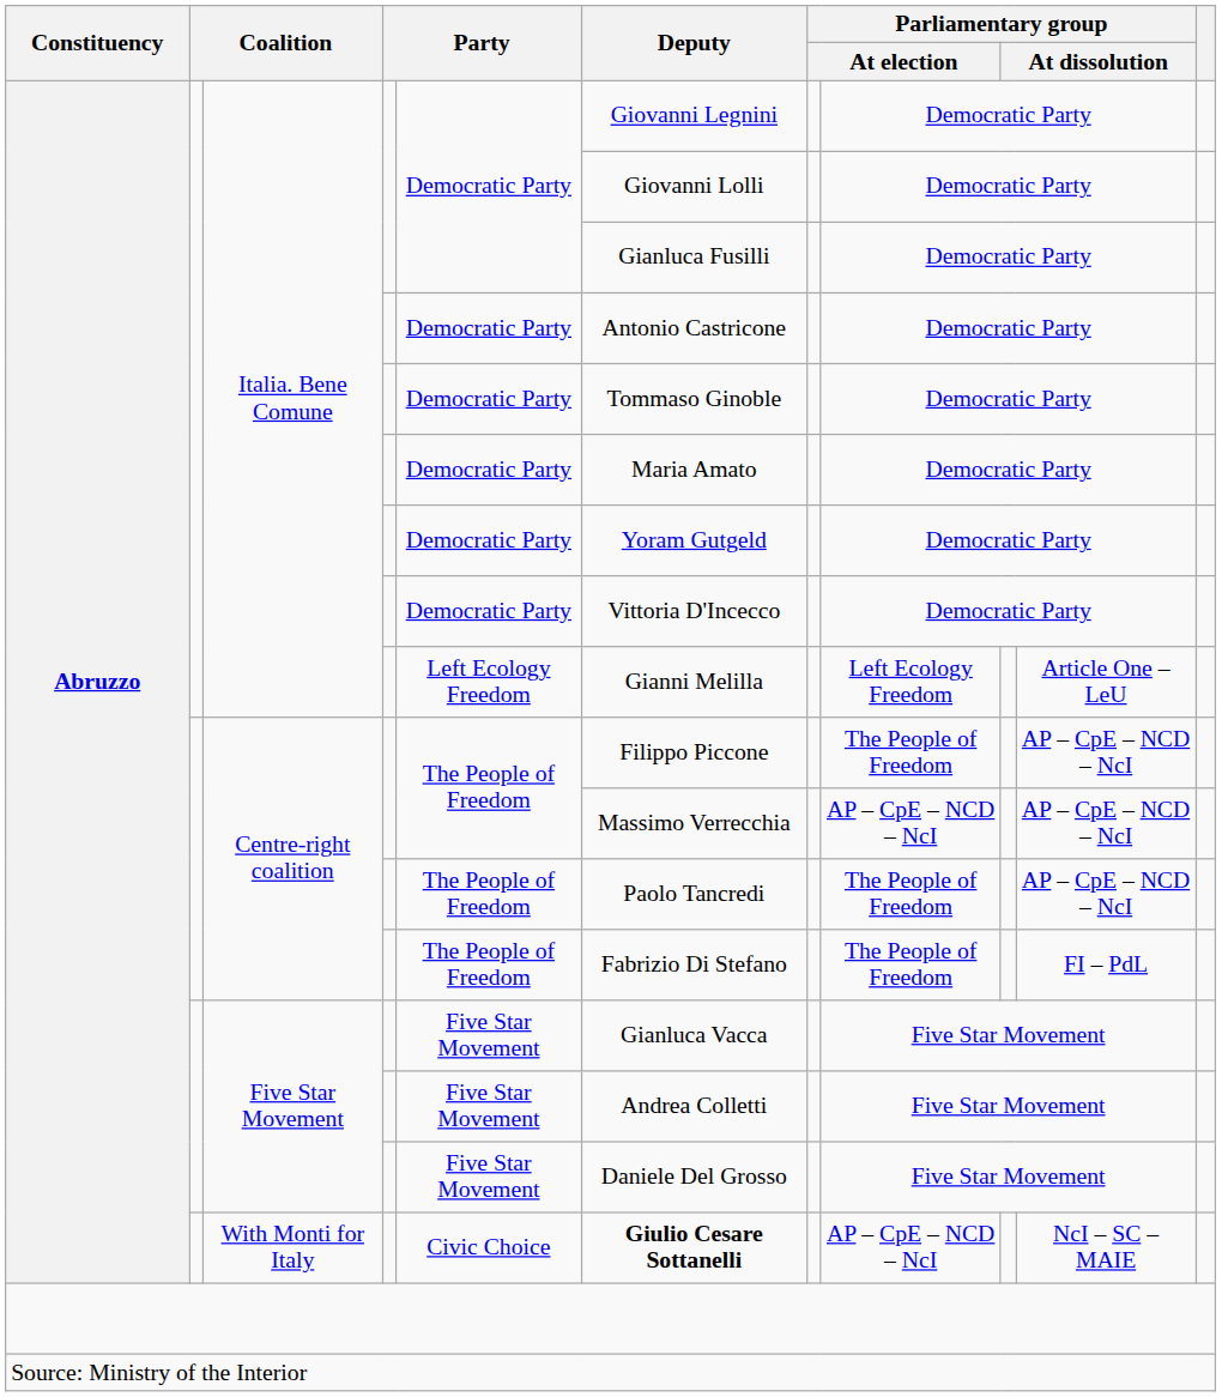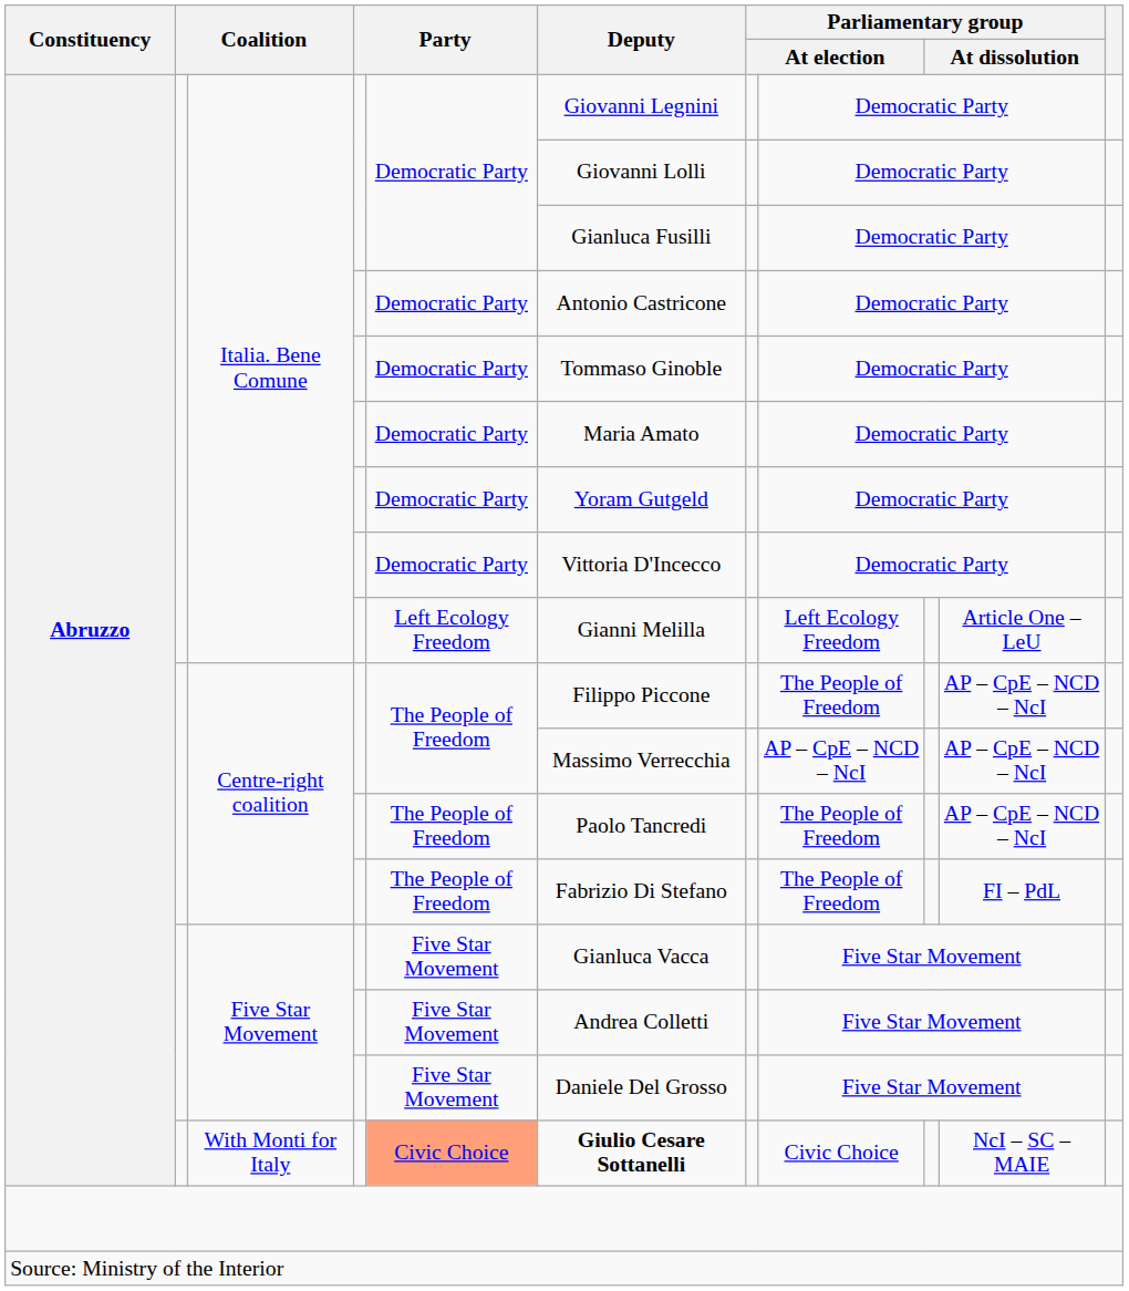 <table class="wikitable" style="text-align:center; style="width=65%">
 <tr>
 <th width=6% rowspan="2">Constituency</th>
 <th width=10% colspan="2" rowspan="2">Coalition</th>
 <th width=10% colspan="2" rowspan="2">Party</th>
 <th width=12% rowspan="2">Deputy</th>
 <th width=20% colspan="4">Parliamentary group</th>
 <th width=1% rowspan="2"></th>
 </tr>
 <tr>
 <th width=10% colspan="2">At election</th>
 <th width=10% colspan="2">At dissolution</th>
 </tr>
 <tr style="height:3em;">
 <th rowspan="17"><a href='#'>Abruzzo</a></th>
 <td rowspan="9" style="background:"></td>
 <td rowspan="9"><a href='#'>Italia. Bene Comune</a></td>
 <td rowspan="3" style="background:"></td>
 <td rowspan="3"><a href='#'>Democratic Party</a></td>
 <td><a href='#'>Giovanni Legnini</a><br></td>
 <td style="background:"></td>
 <td colspan="3"><a href='#'>Democratic Party</a></td>
 <td></td>
 </tr>
 <tr style="height:3em;">
 <td>Giovanni Lolli<br></td>
 <td style="background:"></td>
 <td colspan="3"><a href='#'>Democratic Party</a></td>
 <td></td>
 </tr>
 <tr style="height:3em;">
 <td>Gianluca Fusilli<br></td>
 <td style="background:"></td>
 <td colspan="3"><a href='#'>Democratic Party</a></td>
 <td></td>
 </tr>
 <tr style="height:3em;">
 <td style="background:"></td>
 <td><a href='#'>Democratic Party</a></td>
 <td>Antonio Castricone</td>
 <td style="background:"></td>
 <td colspan="3"><a href='#'>Democratic Party</a></td>
 <td></td>
 </tr>
 <tr style="height:3em;">
 <td style="background:"></td>
 <td><a href='#'>Democratic Party</a></td>
 <td>Tommaso Ginoble</td>
 <td style="background:"></td>
 <td colspan="3"><a href='#'>Democratic Party</a></td>
 <td></td>
 </tr>
 <tr style="height:3em;">
 <td style="background:"></td>
 <td><a href='#'>Democratic Party</a></td>
 <td>Maria Amato</td>
 <td style="background:"></td>
 <td colspan="3"><a href='#'>Democratic Party</a></td>
 <td></td>
 </tr>
 <tr style="height:3em;">
 <td style="background:"></td>
 <td><a href='#'>Democratic Party</a></td>
 <td><a href='#'>Yoram Gutgeld</a></td>
 <td style="background:"></td>
 <td colspan="3"><a href='#'>Democratic Party</a></td>
 <td></td>
 </tr>
 <tr style="height:3em;">
 <td style="background:"></td>
 <td><a href='#'>Democratic Party</a></td>
 <td>Vittoria D'Incecco</td>
 <td style="background:"></td>
 <td colspan="3"><a href='#'>Democratic Party</a></td>
 <td></td>
 </tr>
 <tr style="height:3em;">
 <td style="background:"></td>
 <td><a href='#'>Left Ecology Freedom</a></td>
 <td>Gianni Melilla</td>
 <td style="background:"></td>
 <td><a href='#'>Left Ecology Freedom</a></td>
 <td style="background:"></td>
 <td><a href='#'>Article One</a> – <a href='#'>LeU</a></td>
 <td></td>
 </tr>
 <tr style="height:3em;">
 <td rowspan="4" style="background:"></td>
 <td rowspan="4"><a href='#'>Centre-right coalition</a></td>
 <td rowspan="2" style="background:"></td>
 <td rowspan="2"><a href='#'>The People of Freedom</a></td>
 <td>Filippo Piccone<br></td>
 <td style="background:"></td>
 <td><a href='#'>The People of Freedom</a></td>
 <td style="background:"></td>
 <td><a href='#'>AP</a> – <a href='#'>CpE</a> – <a href='#'>NCD</a> – <a href='#'>NcI</a></td>
 <td></td>
 </tr>
 <tr style="height:3em;">
 <td>Massimo Verrecchia<br></td>
 <td style="background:"></td>
 <td><a href='#'>AP</a> – <a href='#'>CpE</a> – <a href='#'>NCD</a> – <a href='#'>NcI</a></td>
 <td style="background:"></td>
 <td><a href='#'>AP</a> – <a href='#'>CpE</a> – <a href='#'>NCD</a> – <a href='#'>NcI</a></td>
 <td></td>
 </tr>
 <tr style="height:3em;">
 <td style="background:"></td>
 <td><a href='#'>The People of Freedom</a></td>
 <td>Paolo Tancredi</td>
 <td style="background:"></td>
 <td><a href='#'>The People of Freedom</a></td>
 <td style="background:"></td>
 <td><a href='#'>AP</a> – <a href='#'>CpE</a> – <a href='#'>NCD</a> – <a href='#'>NcI</a></td>
 <td></td>
 </tr>
 <tr style="height:3em;">
 <td style="background:"></td>
 <td><a href='#'>The People of Freedom</a></td>
 <td>Fabrizio Di Stefano</td>
 <td style="background:"></td>
 <td><a href='#'>The People of Freedom</a></td>
 <td style="background:"></td>
 <td><a href='#'>FI</a> – <a href='#'>PdL</a></td>
 <td></td>
 </tr>
 <tr style="height:3em;">
 <td rowspan="3" style="background:"></td>
 <td rowspan="3"><a href='#'>Five Star Movement</a></td>
 <td style="background:"></td>
 <td><a href='#'>Five Star Movement</a></td>
 <td>Gianluca Vacca</td>
 <td style="background:"></td>
 <td colspan="3"><a href='#'>Five Star Movement</a></td>
 <td></td>
 </tr>
 <tr style="height:3em;">
 <td style="background:"></td>
 <td><a href='#'>Five Star Movement</a></td>
 <td>Andrea Colletti</td>
 <td style="background:"></td>
 <td colspan="3"><a href='#'>Five Star Movement</a></td>
 <td></td>
 </tr>
 <tr style="height:3em;">
 <td style="background:"></td>
 <td><a href='#'>Five Star Movement</a></td>
 <td>Daniele Del Grosso</td>
 <td style="background:"></td>
 <td colspan="3"><a href='#'>Five Star Movement</a></td>
 <td></td>
 </tr>
 <tr style="height:3em;">
 <td rowspan="1" style="background:"></td>
 <td rowspan="1"><a href='#'>With Monti for Italy</a></td>
 <td style="background:"></td>
-<td><a href='#'>Civic Choice</a></td>
+<td style="background: lightsalmon;"><a href='#'>Civic Choice</a></td>
 <td><strong>Giulio Cesare Sottanelli</strong></td>
 <td style="background:"></td>
-<td><a href='#'>AP</a> – <a href='#'>CpE</a> – <a href='#'>NCD</a> – <a href='#'>NcI</a></td>
+<td><a href='#'>Civic Choice</a></td>
 <td style="background:"></td>
 <td><a href='#'>NcI</a> – <a href='#'>SC</a> – <a href='#'>MAIE</a></td>
 <td></td>
 </tr>
 <tr style="height:3em;">
 </tr>
 <tr>
 <td style="text-align:left;" colspan="12">Source: Ministry of the Interior</td>
 </tr>
 </table>
